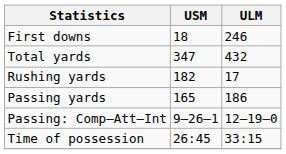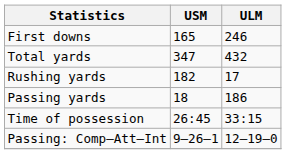 <table class="wikitable" style="float: left;">
 <tr>
 <th>Statistics</th>
 <th>USM</th>
 <th>ULM</th>
 </tr>
 <tr>
 <td>First downs</td>
-<td>18</td>
+<td>165</td>
 <td>246</td>
 </tr>
 <tr>
 <td>Total yards</td>
 <td>347</td>
 <td>432</td>
 </tr>
 <tr>
 <td>Rushing yards</td>
 <td>182</td>
 <td>17</td>
 </tr>
 <tr>
 <td>Passing yards</td>
-<td>165</td>
+<td>18</td>
 <td>186</td>
+</tr>
+<tr>
+<td>Time of possession</td>
+<td>26:45</td>
+<td>33:15</td>
 </tr>
 <tr>
 <td>Passing: Comp–Att–Int</td>
 <td>9–26–1</td>
 <td>12–19–0</td>
 </tr>
 <tr>
-<td>Time of possession</td>
-<td>26:45</td>
-<td>33:15</td>
-</tr>
-<tr>
 </tr>
 </table>
